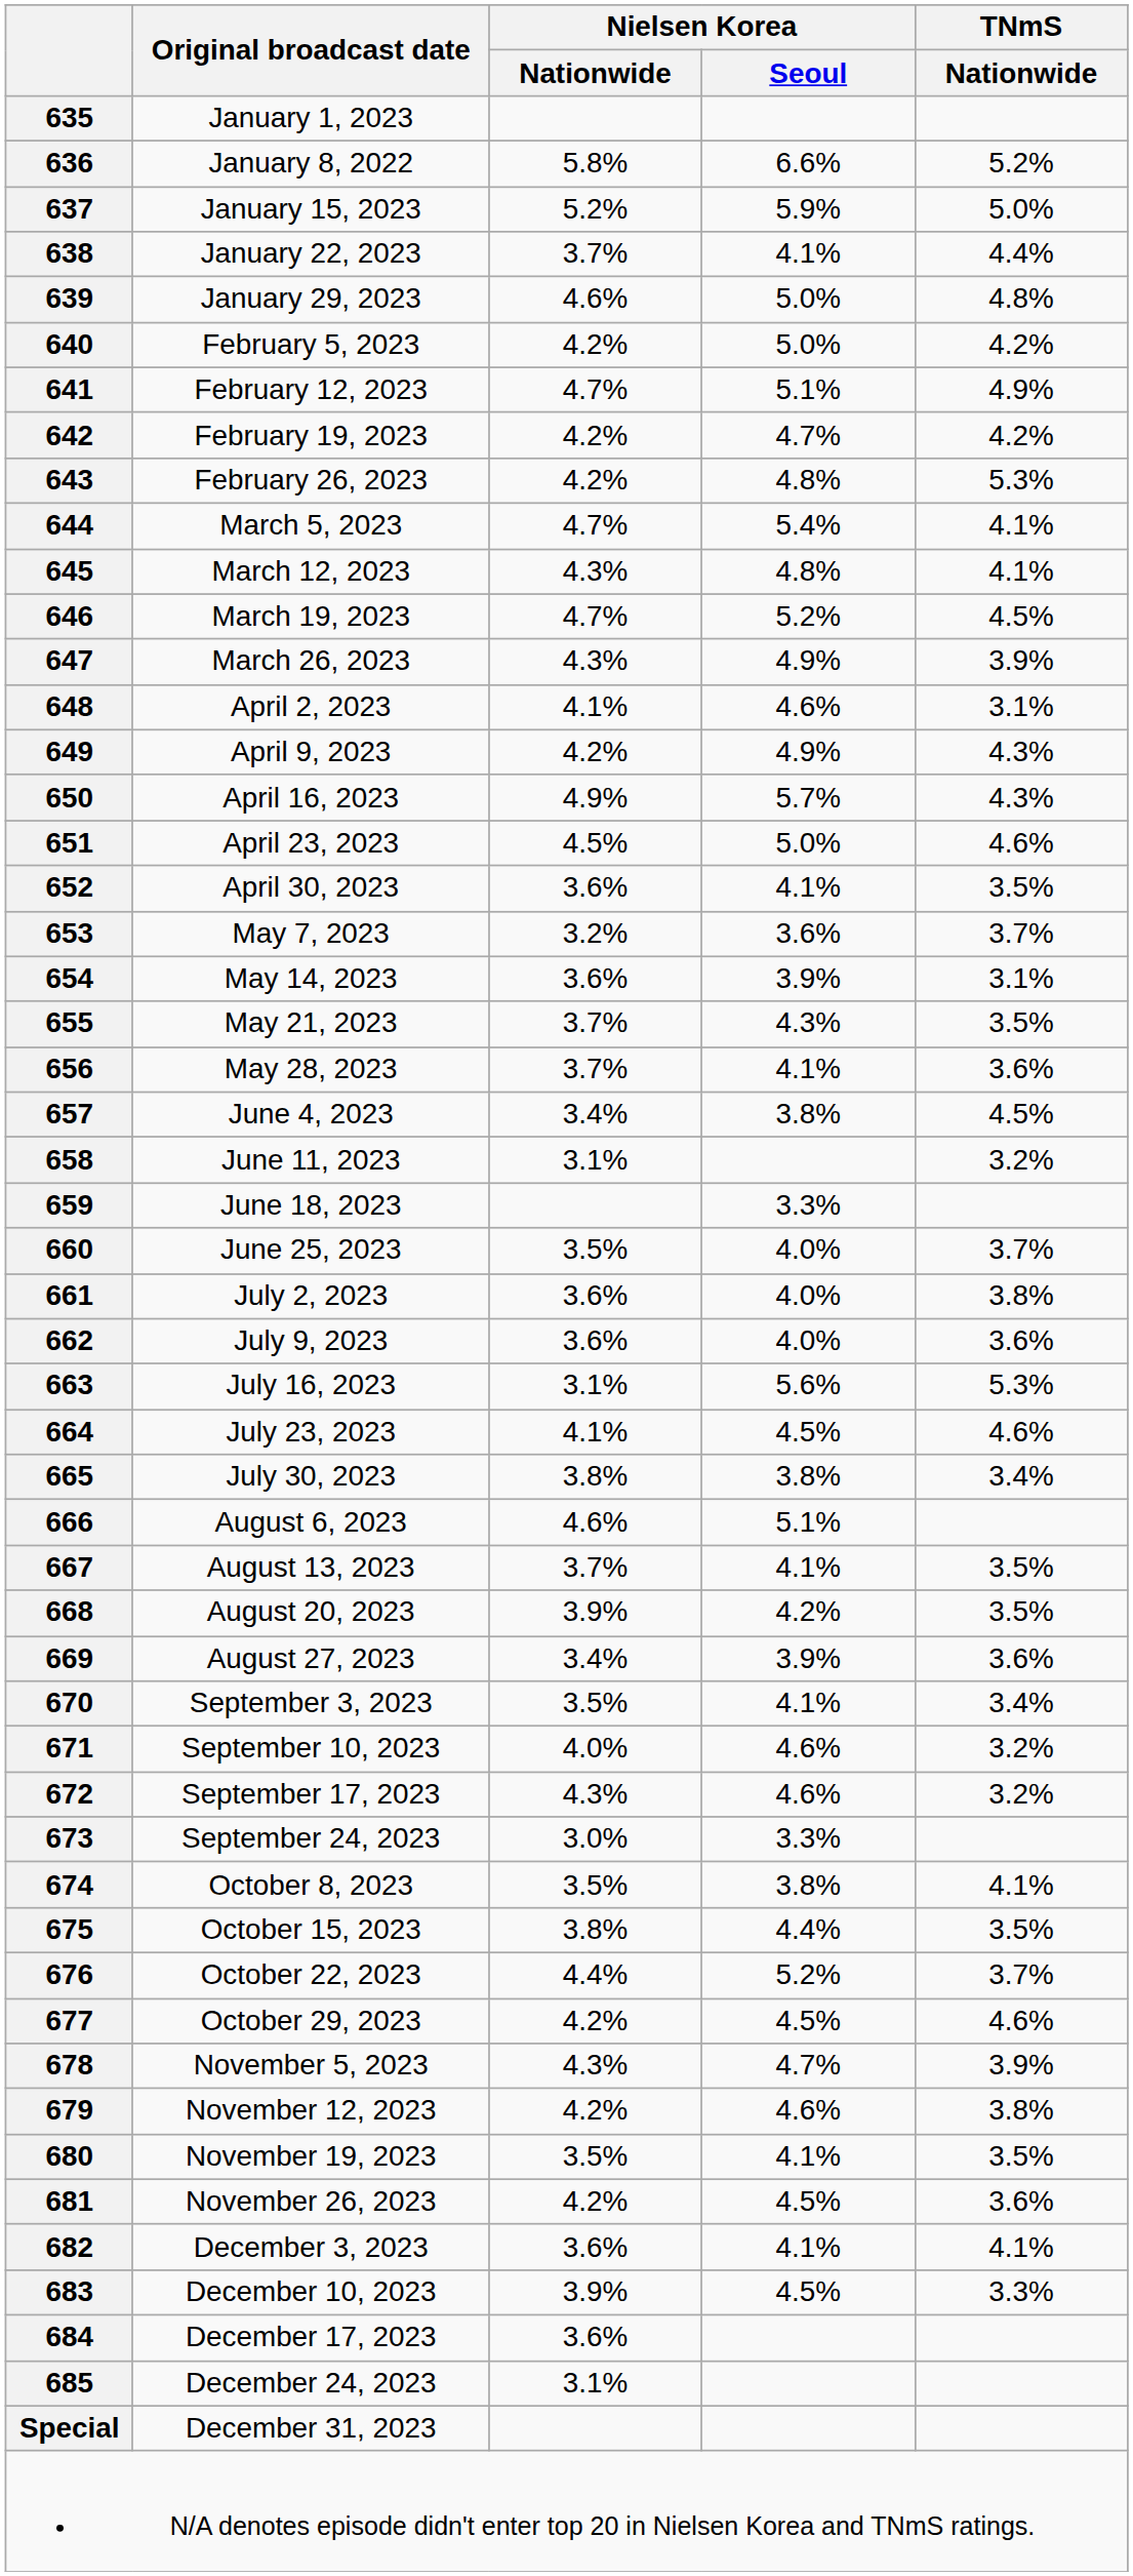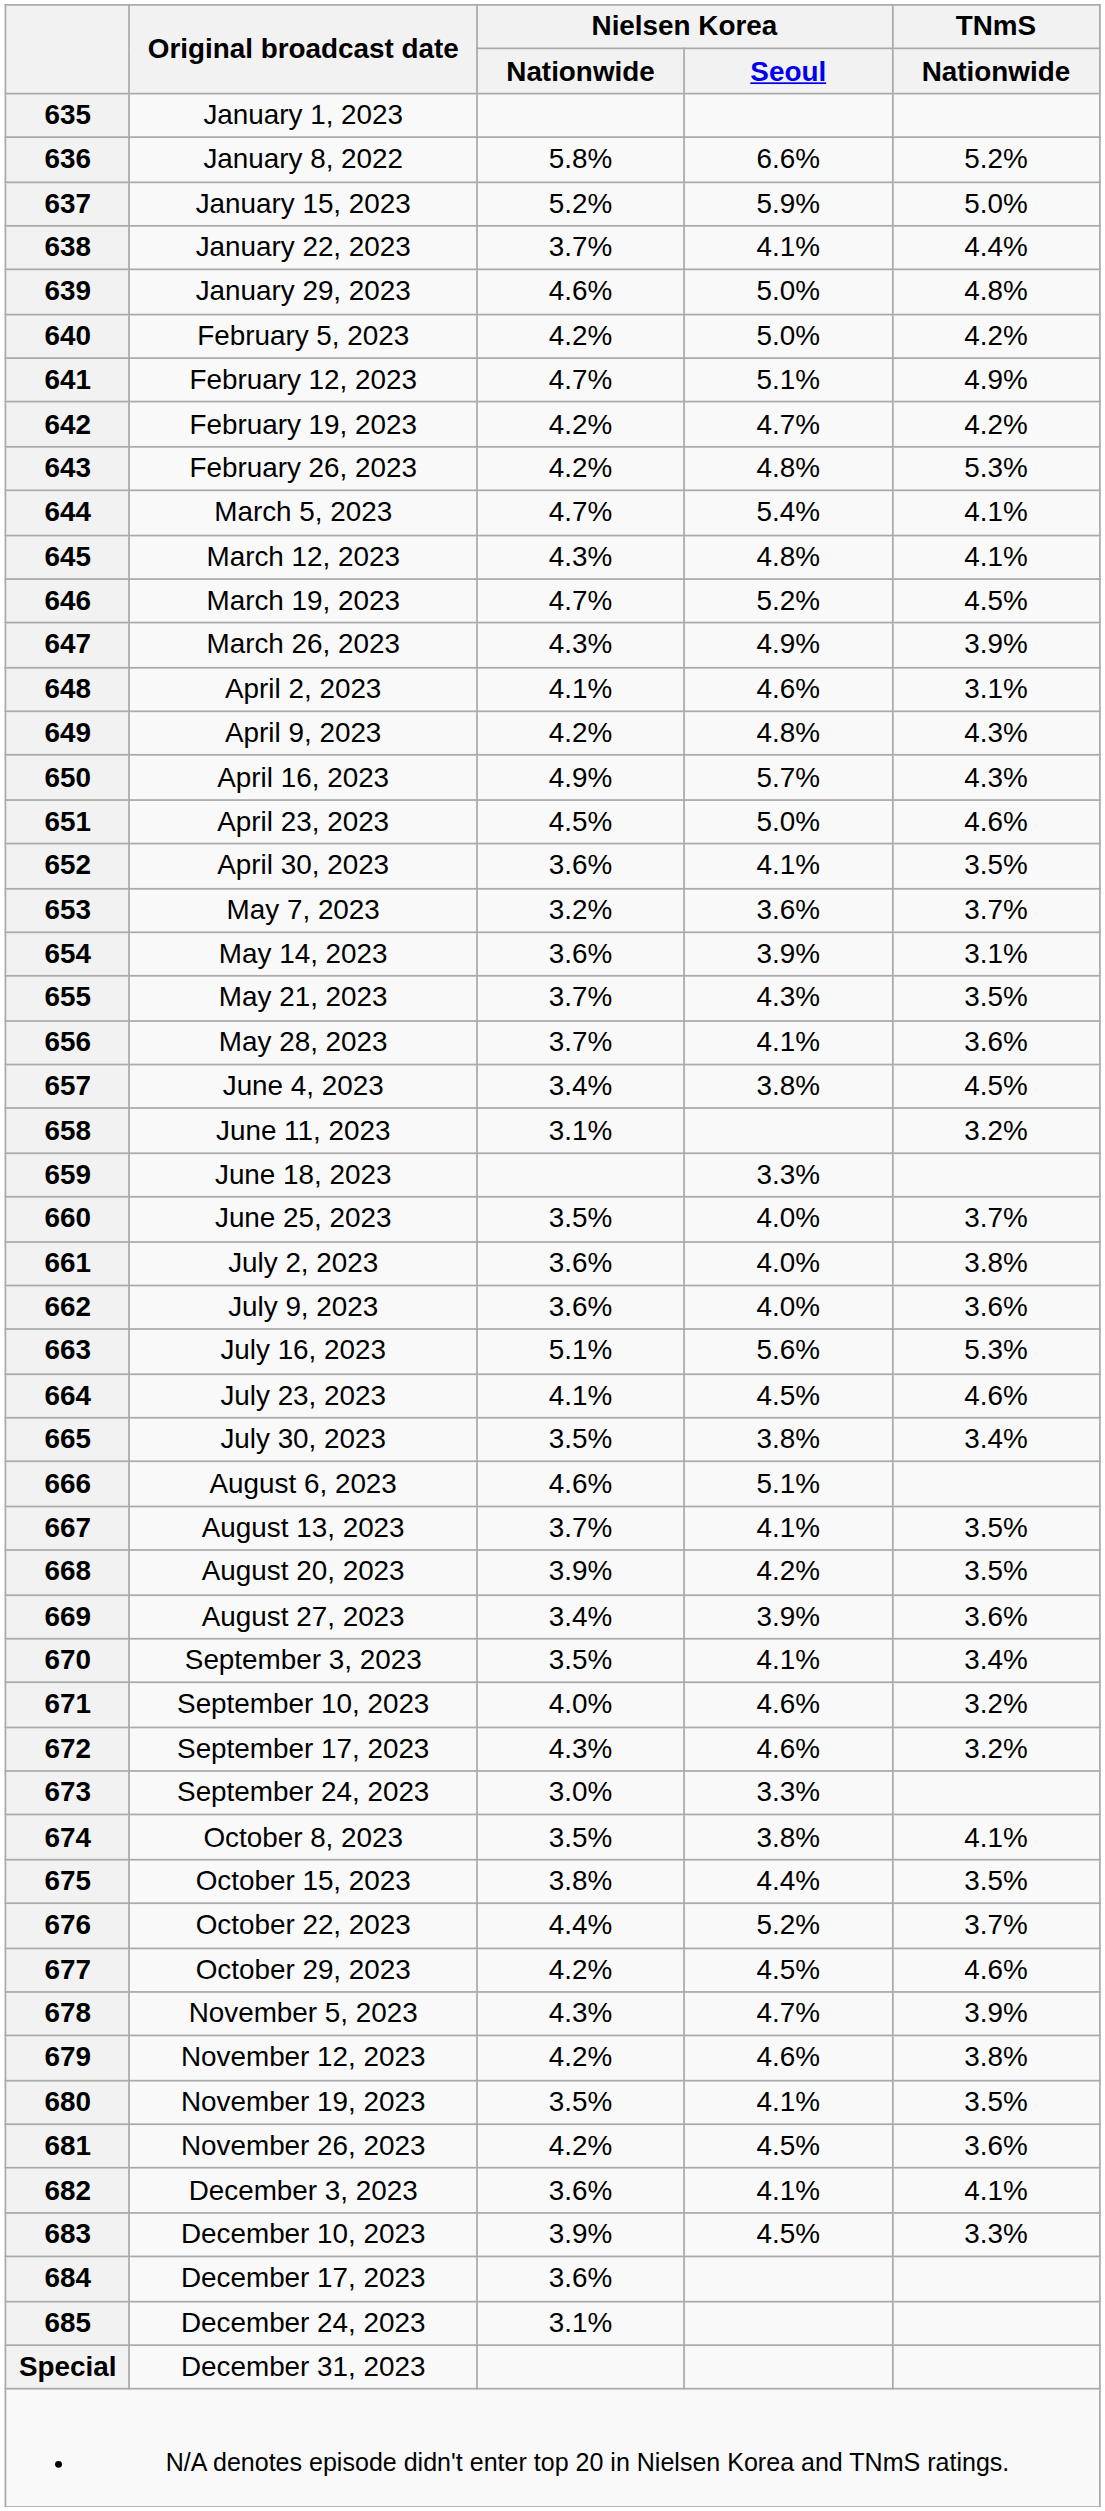 <table class="wikitable sortable" style="margin-left: auto; margin-right: auto; text-align:center">
 <tr>
 <th scope="col" rowspan="2" style="width:4em"></th>
 <th scope="col" rowspan="2" style="width:12em">Original broadcast date</th>
 <th scope="col" colspan="2">Nielsen Korea</th>
 <th scope="col">TNmS</th>
 </tr>
 <tr>
 <th scope="col" style="width:7em">Nationwide</th>
 <th scope="col" style="width:7em"><a href='#'>Seoul</a></th>
 <th scope="col" style="width:7em">Nationwide</th>
 </tr>
 <tr>
 <th scope="col">635</th>
 <td>January 1, 2023</td>
 <td><strong></strong> </td>
 <td><strong></strong> </td>
 <td><strong></strong> </td>
 </tr>
 <tr>
 <th scope="col">636</th>
 <td>January 8, 2022</td>
 <td>5.8% </td>
 <td>6.6% </td>
 <td>5.2% </td>
 </tr>
 <tr>
 <th scope="col">637</th>
 <td>January 15, 2023</td>
 <td>5.2% </td>
 <td>5.9% </td>
 <td>5.0% </td>
 </tr>
 <tr>
 <th scope="col">638</th>
 <td>January 22, 2023</td>
 <td>3.7% </td>
 <td>4.1% </td>
 <td>4.4% </td>
 </tr>
 <tr>
 <th scope="col">639</th>
 <td>January 29, 2023</td>
 <td>4.6% </td>
 <td>5.0% </td>
 <td>4.8% </td>
 </tr>
 <tr>
 <th scope="col">640</th>
 <td>February 5, 2023</td>
 <td>4.2% </td>
 <td>5.0% </td>
 <td>4.2% </td>
 </tr>
 <tr>
 <th scope="col">641</th>
 <td>February 12, 2023</td>
 <td>4.7% </td>
 <td>5.1% </td>
 <td>4.9% </td>
 </tr>
 <tr>
 <th scope="col">642</th>
 <td>February 19, 2023</td>
 <td>4.2% </td>
 <td>4.7% </td>
 <td>4.2% </td>
 </tr>
 <tr>
 <th scope="col">643</th>
 <td>February 26, 2023</td>
 <td>4.2% </td>
 <td>4.8% </td>
 <td>5.3% </td>
 </tr>
 <tr>
 <th scope="col">644</th>
 <td>March 5, 2023</td>
 <td>4.7% </td>
 <td>5.4% </td>
 <td>4.1% </td>
 </tr>
 <tr>
 <th scope="col">645</th>
 <td>March 12, 2023</td>
 <td>4.3% </td>
 <td>4.8% </td>
 <td>4.1% </td>
 </tr>
 <tr>
 <th scope="col">646</th>
 <td>March 19, 2023</td>
 <td>4.7% </td>
 <td>5.2% </td>
 <td>4.5% </td>
 </tr>
 <tr>
 <th scope="col">647</th>
 <td>March 26, 2023</td>
 <td>4.3% </td>
 <td>4.9% </td>
 <td>3.9% </td>
 </tr>
 <tr>
 <th scope="col">648</th>
 <td>April 2, 2023</td>
 <td>4.1% </td>
 <td>4.6% </td>
 <td>3.1% </td>
 </tr>
 <tr>
 <th scope="col">649</th>
 <td>April 9, 2023</td>
 <td>4.2% </td>
-<td>4.9% </td>
+<td>4.8% </td>
 <td>4.3% </td>
 </tr>
 <tr>
 <th scope="col">650</th>
 <td>April 16, 2023</td>
 <td>4.9% </td>
 <td>5.7% </td>
 <td>4.3% </td>
 </tr>
 <tr>
 <th scope="col">651</th>
 <td>April 23, 2023</td>
 <td>4.5% </td>
 <td>5.0% </td>
 <td>4.6% </td>
 </tr>
 <tr>
 <th scope="col">652</th>
 <td>April 30, 2023</td>
 <td>3.6% </td>
 <td>4.1% </td>
 <td>3.5% </td>
 </tr>
 <tr>
 <th scope="col">653</th>
 <td>May 7, 2023</td>
 <td>3.2% </td>
 <td>3.6% </td>
 <td>3.7% </td>
 </tr>
 <tr>
 <th scope="col">654</th>
 <td>May 14, 2023</td>
 <td>3.6% </td>
 <td>3.9% </td>
 <td>3.1% </td>
 </tr>
 <tr>
 <th scope="col">655</th>
 <td>May 21, 2023</td>
 <td>3.7% </td>
 <td>4.3% </td>
 <td>3.5% </td>
 </tr>
 <tr>
 <th scope="col">656</th>
 <td>May 28, 2023</td>
 <td>3.7% </td>
 <td>4.1% </td>
 <td>3.6% </td>
 </tr>
 <tr>
 <th scope="col">657</th>
 <td>June 4, 2023</td>
 <td>3.4% </td>
 <td>3.8% </td>
 <td>4.5% </td>
 </tr>
 <tr>
 <th scope="col">658</th>
 <td>June 11, 2023</td>
 <td>3.1% </td>
 <td><strong></strong> </td>
 <td>3.2% </td>
 </tr>
 <tr>
 <th scope="col">659</th>
 <td>June 18, 2023</td>
 <td><strong></strong> </td>
 <td>3.3% </td>
 <td></td>
 </tr>
 <tr>
 <th scope="col">660</th>
 <td>June 25, 2023</td>
 <td>3.5% </td>
 <td>4.0% </td>
 <td>3.7% </td>
 </tr>
 <tr>
 <th scope="col">661</th>
 <td>July 2, 2023</td>
 <td>3.6% </td>
 <td>4.0% </td>
 <td>3.8% </td>
 </tr>
 <tr>
 <th scope="col">662</th>
 <td>July 9, 2023</td>
 <td>3.6% </td>
 <td>4.0% </td>
 <td>3.6% </td>
 </tr>
 <tr>
 <th scope="col">663</th>
 <td>July 16, 2023</td>
-<td>3.1% </td>
+<td>5.1% </td>
 <td>5.6% </td>
 <td>5.3% </td>
 </tr>
 <tr>
 <th scope="col">664</th>
 <td>July 23, 2023</td>
 <td>4.1% </td>
 <td>4.5% </td>
 <td>4.6% </td>
 </tr>
 <tr>
 <th scope="col">665</th>
 <td>July 30, 2023</td>
-<td>3.8% </td>
+<td>3.5% </td>
 <td>3.8% </td>
 <td>3.4% </td>
 </tr>
 <tr>
 <th scope="col">666</th>
 <td>August 6, 2023</td>
 <td>4.6% </td>
 <td>5.1% </td>
 <td></td>
 </tr>
 <tr>
 <th scope="col">667</th>
 <td>August 13, 2023</td>
 <td>3.7% </td>
 <td>4.1% </td>
 <td>3.5% </td>
 </tr>
 <tr>
 <th scope="col">668</th>
 <td>August 20, 2023</td>
 <td>3.9% </td>
 <td>4.2% </td>
 <td>3.5% </td>
 </tr>
 <tr>
 <th scope="col">669</th>
 <td>August 27, 2023</td>
 <td>3.4% </td>
 <td>3.9% </td>
 <td>3.6% </td>
 </tr>
 <tr>
 <th scope="col">670</th>
 <td>September 3, 2023</td>
 <td>3.5% </td>
 <td>4.1% </td>
 <td>3.4% </td>
 </tr>
 <tr>
 <th scope="col">671</th>
 <td>September 10, 2023</td>
 <td>4.0% </td>
 <td>4.6% </td>
 <td>3.2% </td>
 </tr>
 <tr>
 <th scope="col">672</th>
 <td>September 17, 2023</td>
 <td>4.3% </td>
 <td>4.6% </td>
 <td>3.2% </td>
 </tr>
 <tr>
 <th scope="col">673</th>
 <td>September 24, 2023</td>
 <td>3.0% </td>
 <td>3.3% </td>
 <td><strong></strong> </td>
 </tr>
 <tr>
 <th scope="col">674</th>
 <td>October 8, 2023</td>
 <td>3.5% </td>
 <td>3.8% </td>
 <td>4.1% </td>
 </tr>
 <tr>
 <th scope="col">675</th>
 <td>October 15, 2023</td>
 <td>3.8% </td>
 <td>4.4% </td>
 <td>3.5% </td>
 </tr>
 <tr>
 <th scope="col">676</th>
 <td>October 22, 2023</td>
 <td>4.4% </td>
 <td>5.2% </td>
 <td>3.7% </td>
 </tr>
 <tr>
 <th scope="col">677</th>
 <td>October 29, 2023</td>
 <td>4.2% </td>
 <td>4.5% </td>
 <td>4.6% </td>
 </tr>
 <tr>
 <th scope="col">678</th>
 <td>November 5, 2023</td>
 <td>4.3% </td>
 <td>4.7% </td>
 <td>3.9% </td>
 </tr>
 <tr>
 <th scope="col">679</th>
 <td>November 12, 2023</td>
 <td>4.2% </td>
 <td>4.6% </td>
 <td>3.8% </td>
 </tr>
 <tr>
 <th scope="col">680</th>
 <td>November 19, 2023</td>
 <td>3.5% </td>
 <td>4.1% </td>
 <td>3.5% </td>
 </tr>
 <tr>
 <th scope="col">681</th>
 <td>November 26, 2023</td>
 <td>4.2% </td>
 <td>4.5% </td>
 <td>3.6% </td>
 </tr>
 <tr>
 <th scope="col">682</th>
 <td>December 3, 2023</td>
 <td>3.6% </td>
 <td>4.1% </td>
 <td>4.1% </td>
 </tr>
 <tr>
 <th scope="col">683</th>
 <td>December 10, 2023</td>
 <td>3.9% </td>
 <td>4.5% </td>
 <td>3.3% </td>
 </tr>
 <tr>
 <th scope="col">684</th>
 <td>December 17, 2023</td>
 <td>3.6% </td>
 <td></td>
 <td></td>
 </tr>
 <tr>
 <th scope="col">685</th>
 <td>December 24, 2023</td>
 <td>3.1%	</td>
 <td></td>
 <td></td>
 </tr>
 <tr>
 <th scope="col">Special</th>
 <td>December 31, 2023</td>
 <td></td>
 <td></td>
 <td></td>
 </tr>
 <tr>
 <td colspan="5" style="font-size:90%; text-center:left"><br><ul><li>N/A denotes episode didn't enter top 20 in Nielsen Korea and TNmS ratings.</li></ul></td>
 </tr>
 </table>
